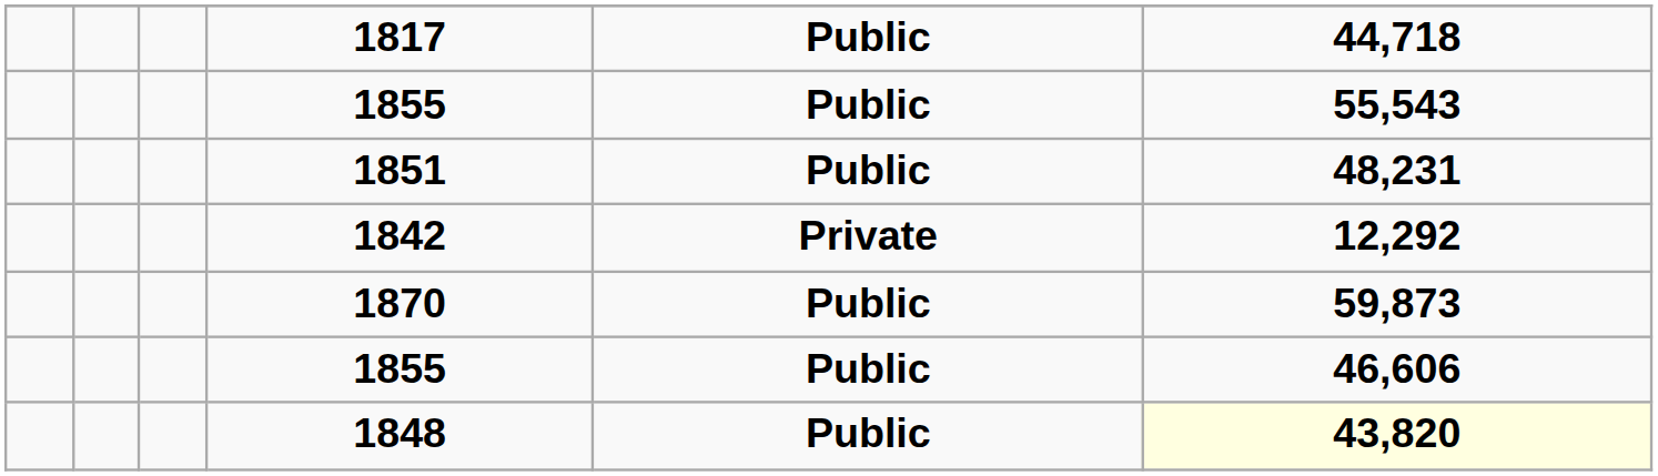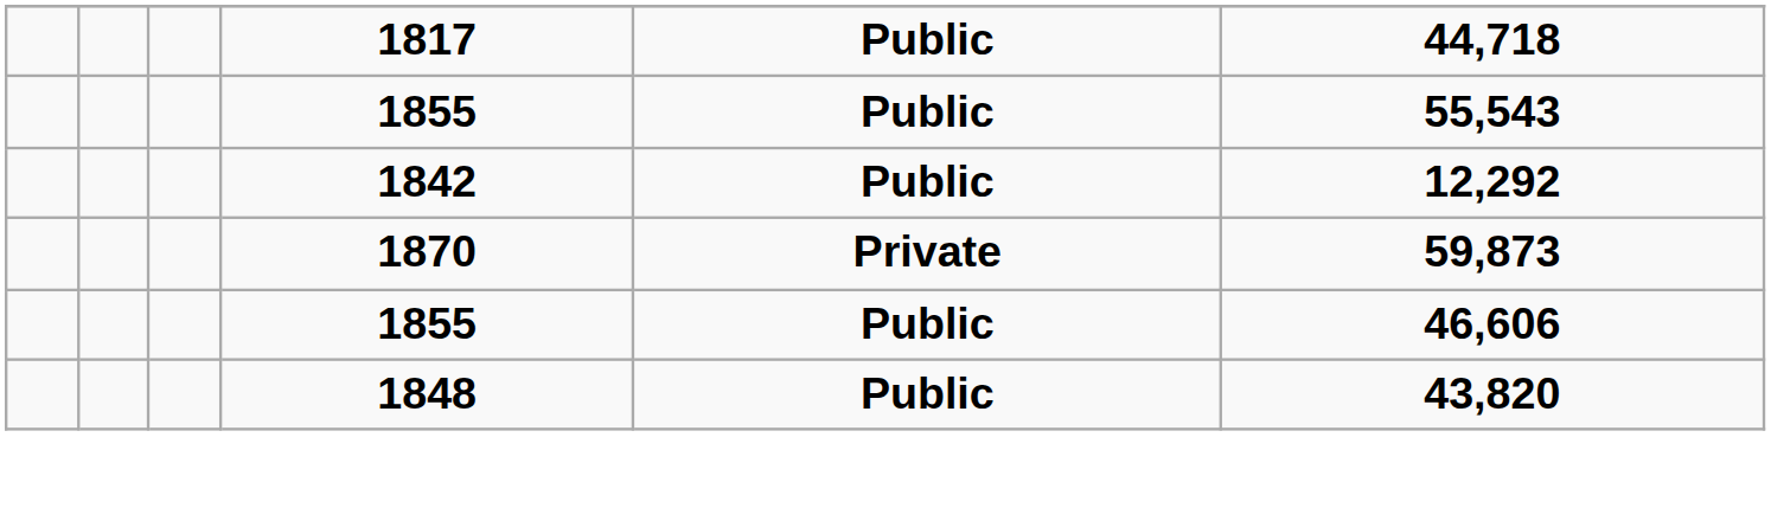 <table class="wikitable" width=50%; style="text-align: center;">
 <tr>
 </tr>
 <tr align="center">
 <td><strong><a href='#'></a></strong></td>
 <td><strong><a href='#'></a></strong></td>
 <td><strong><a href='#'></a></strong></td>
 <td><strong>1817</strong></td>
 <td><strong>Public</strong></td>
 <td><strong>44,718</strong></td>
 </tr>
 <tr align="center">
 <td><strong><a href='#'></a></strong></td>
 <td><strong><a href='#'></a></strong></td>
 <td><strong><a href='#'></a></strong></td>
 <td><strong>1855</strong></td>
 <td><strong>Public</strong></td>
 <td><strong>55,543</strong></td>
 </tr>
 <tr align="center">
 <td><strong><a href='#'></a></strong></td>
 <td><strong><a href='#'></a></strong></td>
 <td><strong><a href='#'></a></strong></td>
-<td><strong>1851</strong></td>
+<td><strong>1842</strong></td>
 <td><strong>Public</strong></td>
-<td><strong>48,231</strong></td>
-</tr>
-<tr align="center">
-<td><strong><a href='#'></a></strong></td>
-<td><strong><a href='#'></a></strong></td>
-<td><strong><a href='#'></a></strong></td>
-<td><strong>1842</strong></td>
-<td><strong>Private</strong></td>
 <td><strong>12,292</strong></td>
 </tr>
 <tr align="center">
 <td><strong><a href='#'></a></strong></td>
 <td><strong><a href='#'></a></strong></td>
 <td><strong><a href='#'></a></strong></td>
 <td><strong>1870</strong></td>
-<td><strong>Public</strong></td>
+<td><strong>Private</strong></td>
 <td><strong>59,873</strong></td>
 </tr>
 <tr align="center">
 <td><strong><a href='#'></a></strong></td>
 <td><strong><a href='#'></a></strong></td>
 <td><strong><a href='#'></a></strong></td>
 <td><strong>1855</strong></td>
 <td><strong>Public</strong></td>
 <td><strong>46,606</strong></td>
 </tr>
 <tr align="center">
 <td><strong><a href='#'></a></strong></td>
 <td><strong><a href='#'></a></strong></td>
 <td><strong><a href='#'></a></strong></td>
 <td><strong>1848</strong></td>
 <td><strong>Public</strong></td>
-<td style="background: lightyellow;"><strong>43,820</strong></td>
+<td><strong>43,820</strong></td>
 </tr>
 </table>
